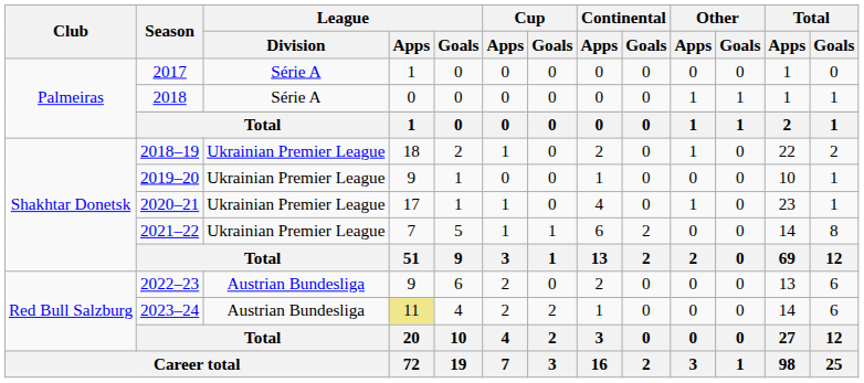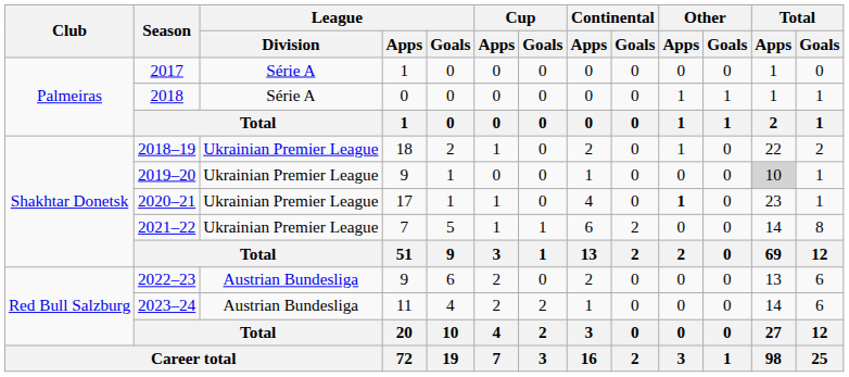 <table class="wikitable" style="text-align: center">
 <tr>
 <th rowspan="2">Club</th>
 <th rowspan="2">Season</th>
 <th colspan="3">League</th>
 <th colspan="2">Cup</th>
 <th colspan="2">Continental</th>
 <th colspan="2">Other</th>
 <th colspan="2">Total</th>
 </tr>
 <tr>
 <th>Division</th>
 <th>Apps</th>
 <th>Goals</th>
 <th>Apps</th>
 <th>Goals</th>
 <th>Apps</th>
 <th>Goals</th>
 <th>Apps</th>
 <th>Goals</th>
 <th>Apps</th>
 <th>Goals</th>
 </tr>
 <tr>
 <td rowspan="3"><a href='#'>Palmeiras</a></td>
 <td><a href='#'>2017</a></td>
 <td><a href='#'>Série A</a></td>
 <td>1</td>
 <td>0</td>
 <td>0</td>
 <td>0</td>
 <td>0</td>
 <td>0</td>
 <td>0</td>
 <td>0</td>
 <td>1</td>
 <td>0</td>
 </tr>
 <tr>
 <td><a href='#'>2018</a></td>
 <td>Série A</td>
 <td>0</td>
 <td>0</td>
 <td>0</td>
 <td>0</td>
 <td>0</td>
 <td>0</td>
 <td>1</td>
 <td>1</td>
 <td>1</td>
 <td>1</td>
 </tr>
 <tr>
 <th colspan="2">Total</th>
 <th>1</th>
 <th>0</th>
 <th>0</th>
 <th>0</th>
 <th>0</th>
 <th>0</th>
 <th>1</th>
 <th>1</th>
 <th>2</th>
 <th>1</th>
 </tr>
 <tr>
 <td rowspan="5"><a href='#'>Shakhtar Donetsk</a></td>
 <td><a href='#'>2018–19</a></td>
 <td><a href='#'>Ukrainian Premier League</a></td>
 <td>18</td>
 <td>2</td>
 <td>1</td>
 <td>0</td>
 <td>2</td>
 <td>0</td>
 <td>1</td>
 <td>0</td>
 <td>22</td>
 <td>2</td>
 </tr>
 <tr>
 <td><a href='#'>2019–20</a></td>
 <td>Ukrainian Premier League</td>
 <td>9</td>
 <td>1</td>
 <td>0</td>
 <td>0</td>
 <td>1</td>
 <td>0</td>
 <td>0</td>
 <td>0</td>
-<td>10</td>
+<td style="background: lightgrey;">10</td>
 <td>1</td>
 </tr>
 <tr>
 <td><a href='#'>2020–21</a></td>
 <td>Ukrainian Premier League</td>
 <td>17</td>
 <td>1</td>
 <td>1</td>
 <td>0</td>
 <td>4</td>
 <td>0</td>
-<td>1</td>
+<td><strong>1</strong></td>
 <td>0</td>
 <td>23</td>
 <td>1</td>
 </tr>
 <tr>
 <td><a href='#'>2021–22</a></td>
 <td>Ukrainian Premier League</td>
 <td>7</td>
 <td>5</td>
 <td>1</td>
 <td>1</td>
 <td>6</td>
 <td>2</td>
 <td>0</td>
 <td>0</td>
 <td>14</td>
 <td>8</td>
 </tr>
 <tr>
 <th colspan="2">Total</th>
 <th>51</th>
 <th>9</th>
 <th>3</th>
 <th>1</th>
 <th>13</th>
 <th>2</th>
 <th>2</th>
 <th>0</th>
 <th>69</th>
 <th>12</th>
 </tr>
 <tr>
 <td rowspan="3"><a href='#'>Red Bull Salzburg</a></td>
 <td><a href='#'>2022–23</a></td>
 <td><a href='#'>Austrian Bundesliga</a></td>
 <td>9</td>
 <td>6</td>
 <td>2</td>
 <td>0</td>
 <td>2</td>
 <td>0</td>
 <td>0</td>
 <td>0</td>
 <td>13</td>
 <td>6</td>
 </tr>
 <tr>
 <td><a href='#'>2023–24</a></td>
 <td>Austrian Bundesliga</td>
-<td style="background: khaki;">11</td>
+<td>11</td>
 <td>4</td>
 <td>2</td>
 <td>2</td>
 <td>1</td>
 <td>0</td>
 <td>0</td>
 <td>0</td>
 <td>14</td>
 <td>6</td>
 </tr>
 <tr>
 <th colspan="2">Total</th>
 <th>20</th>
 <th>10</th>
 <th>4</th>
 <th>2</th>
 <th>3</th>
 <th>0</th>
 <th>0</th>
 <th>0</th>
 <th>27</th>
 <th>12</th>
 </tr>
 <tr>
 <th colspan="3">Career total</th>
 <th>72</th>
 <th>19</th>
 <th>7</th>
 <th>3</th>
 <th>16</th>
 <th>2</th>
 <th>3</th>
 <th>1</th>
 <th>98</th>
 <th>25</th>
 </tr>
 </table>
